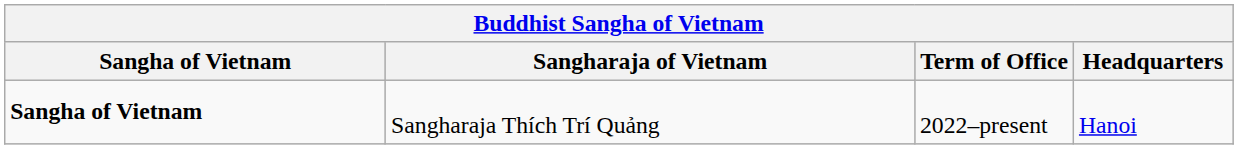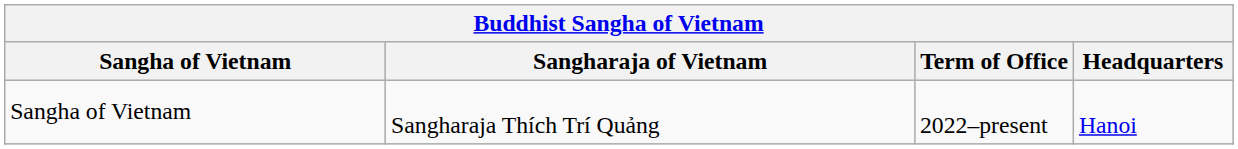 <table class=wikitable>
 <tr>
 <th colspan="4" align=center><strong><a href='#'>Buddhist Sangha of Vietnam</a></strong></th>
 </tr>
 <tr>
 <th scope="row" width="250">Sangha of Vietnam</th>
 <th scope="row" width="350">Sangharaja of Vietnam</th>
 <th scope="row" width="100">Term of Office</th>
 <th scope="row" width="100">Headquarters</th>
 </tr>
 <tr>
-<td><strong>Sangha of Vietnam</strong></td>
+<td>Sangha of Vietnam</td>
 <td><br>Sangharaja Thích Trí Quảng </td>
 <td><br>2022–present</td>
 <td><br><a href='#'>Hanoi</a></td>
 </tr>
 </table>
